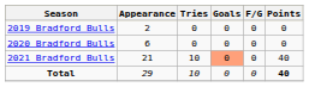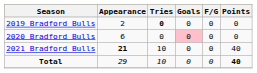 <table class="wikitable" style="text-align:center;">
 <tr bgcolor=#bdb76b>
 <th>Season</th>
 <th>Appearance</th>
 <th>Tries</th>
 <th>Goals</th>
 <th>F/G</th>
 <th>Points</th>
 </tr>
 <tr>
 <td><a href='#'>2019 Bradford Bulls</a></td>
 <td>2</td>
-<td>0</td>
+<td><strong>0</strong></td>
 <td>0</td>
 <td>0</td>
 <td>0</td>
 </tr>
 <tr>
 <td><a href='#'>2020 Bradford Bulls</a></td>
 <td>6</td>
 <td>0</td>
-<td>0</td>
+<td style="background: pink;">0</td>
 <td>0</td>
 <td>0</td>
 </tr>
 <tr>
 <td><a href='#'>2021 Bradford Bulls</a></td>
-<td>21</td>
+<td><strong>21</strong></td>
 <td>10</td>
-<td style="background: lightsalmon;">0</td>
+<td>0</td>
 <td>0</td>
 <td>40</td>
 </tr>
 <tr>
 <td><strong>Total</strong></td>
 <td><em>29</em></td>
 <td><em>10</em></td>
 <td><em>0</em></td>
 <td><em>0</em></td>
 <td><strong>40</strong></td>
 </tr>
 <tr>
 </tr>
 </table>
